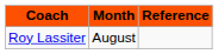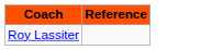 <table class=wikitable>
 <tr>
 <th style="background:#FD5000; color:#000000;">Coach</th>
-<th style="background:#FD5000; color:#000000;">Month</th>
 <th style="background:#FD5000; color:#000000;">Reference</th>
 </tr>
 <tr>
 <td> <a href='#'>Roy Lassiter</a></td>
-<td>August</td>
 <td></td>
 </tr>
 </table>
